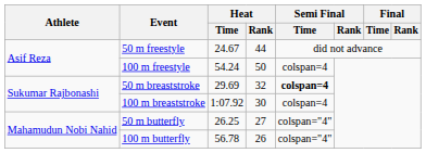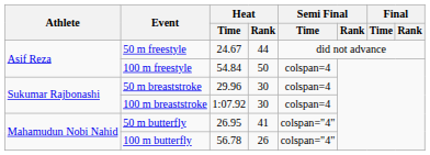 <table class=wikitable style=font-size:90%>
 <tr>
 <th rowspan=2>Athlete</th>
 <th rowspan=2>Event</th>
 <th colspan=2>Heat</th>
 <th colspan="2"><strong>Semi Final</strong></th>
 <th colspan=2>Final</th>
 </tr>
 <tr style=font-size:95%>
 <th>Time</th>
 <th>Rank</th>
 <th>Time</th>
 <th>Rank</th>
 <th>Time</th>
 <th>Rank</th>
 </tr>
 <tr align=center>
 <td align=left rowspan=2><a href='#'>Asif Reza</a></td>
 <td align=left rowspan="1"><a href='#'>50 m freestyle</a></td>
 <td>24.67</td>
 <td>44</td>
 <td colspan="4">did not advance</td>
 </tr>
 <tr align=center>
 <td align=left rowspan="1"><a href='#'>100 m freestyle</a></td>
-<td>54.24</td>
+<td>54.84</td>
 <td>50</td>
 <td>colspan=4 </td>
 </tr>
 <tr align=center>
 <td align=left rowspan=2><a href='#'>Sukumar Rajbonashi</a></td>
 <td align=left><a href='#'>50 m breaststroke</a></td>
-<td>29.69</td>
-<td>32</td>
-<td><strong>colspan=4 </strong></td>
+<td>29.96</td>
+<td>30</td>
+<td>colspan=4 </td>
 </tr>
 <tr align=center>
 <td align=left rowspan="1"><a href='#'>100 m breaststroke</a></td>
 <td>1:07.92</td>
 <td>30</td>
 <td>colspan=4 </td>
 </tr>
 <tr align=center>
 <td align=left rowspan=2><a href='#'>Mahamudun Nobi Nahid</a></td>
 <td align=left rowspan="1"><a href='#'>50 m butterfly</a></td>
-<td>26.25</td>
-<td>27</td>
+<td>26.95</td>
+<td>41</td>
 <td>colspan="4" </td>
 </tr>
 <tr align=center>
 <td align=left rowspan="1"><a href='#'>100 m butterfly</a></td>
 <td>56.78</td>
 <td>26</td>
 <td>colspan="4" </td>
 </tr>
 </table>
